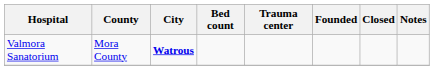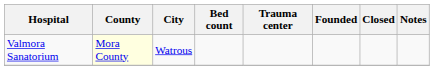 <table class="wikitable sortable" border="1">
 <tr>
 <th>Hospital</th>
 <th>County</th>
 <th>City</th>
 <th>Bed count</th>
 <th>Trauma center</th>
 <th>Founded</th>
 <th>Closed</th>
 <th>Notes</th>
 </tr>
 <tr>
 <td><a href='#'>Valmora Sanatorium</a></td>
-<td><a href='#'>Mora County</a></td>
-<td><strong><a href='#'>Watrous</a></strong></td>
+<td style="background: lightyellow;"><a href='#'>Mora County</a></td>
+<td><a href='#'>Watrous</a></td>
 <td></td>
 <td></td>
 <td></td>
 <td></td>
 <td></td>
 </tr>
 <tr>
 </tr>
 </table>
